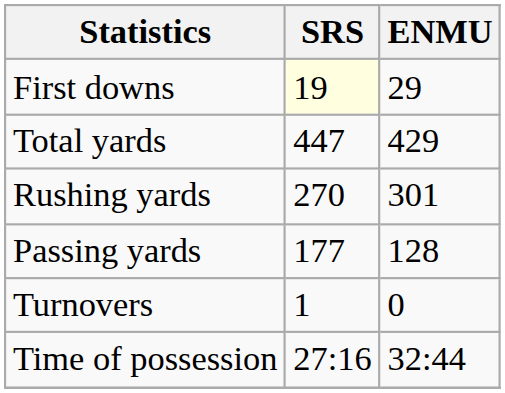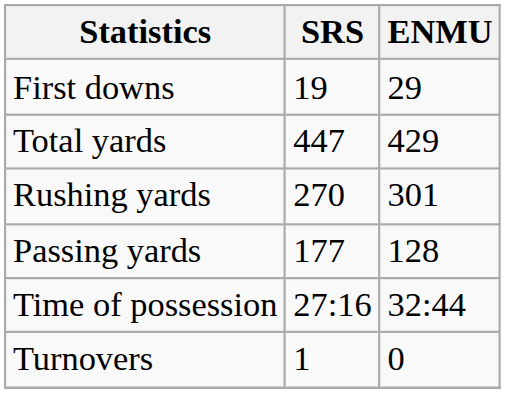 <table class="wikitable">
 <tr>
 <th>Statistics</th>
 <th>SRS</th>
 <th>ENMU</th>
 </tr>
 <tr>
 <td>First downs</td>
-<td style="background: lightyellow;">19</td>
+<td>19</td>
 <td>29</td>
 </tr>
 <tr>
 <td>Total yards</td>
 <td>447</td>
 <td>429</td>
 </tr>
 <tr>
 <td>Rushing yards</td>
 <td>270</td>
 <td>301</td>
 </tr>
 <tr>
 <td>Passing yards</td>
 <td>177</td>
 <td>128</td>
 </tr>
 <tr>
+<td>Time of possession</td>
+<td>27:16</td>
+<td>32:44</td>
+</tr>
+<tr>
 <td>Turnovers</td>
 <td>1</td>
 <td>0</td>
 </tr>
 <tr>
-<td>Time of possession</td>
-<td>27:16</td>
-<td>32:44</td>
-</tr>
-<tr>
 </tr>
 </table>
